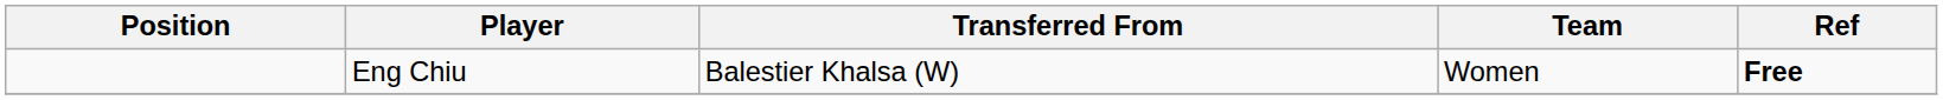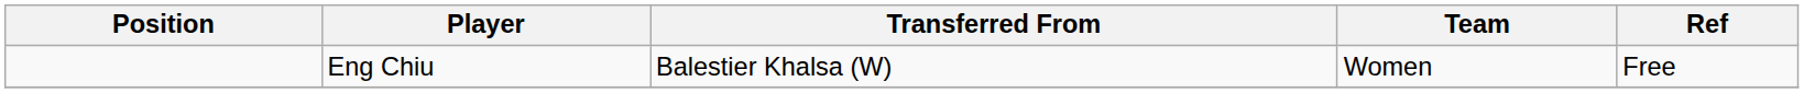 <table class="wikitable sortable" style="width:70%; text-align:center; font-size:100%; text-align:left;">
 <tr>
 <th>Position</th>
 <th>Player</th>
 <th>Transferred From</th>
 <th>Team</th>
 <th>Ref</th>
 </tr>
 <tr>
 <td></td>
 <td> Eng Chiu</td>
 <td> Balestier Khalsa (W)</td>
 <td>Women</td>
-<td><strong>Free </strong></td>
+<td>Free </td>
 </tr>
 <tr>
 </tr>
 </table>
